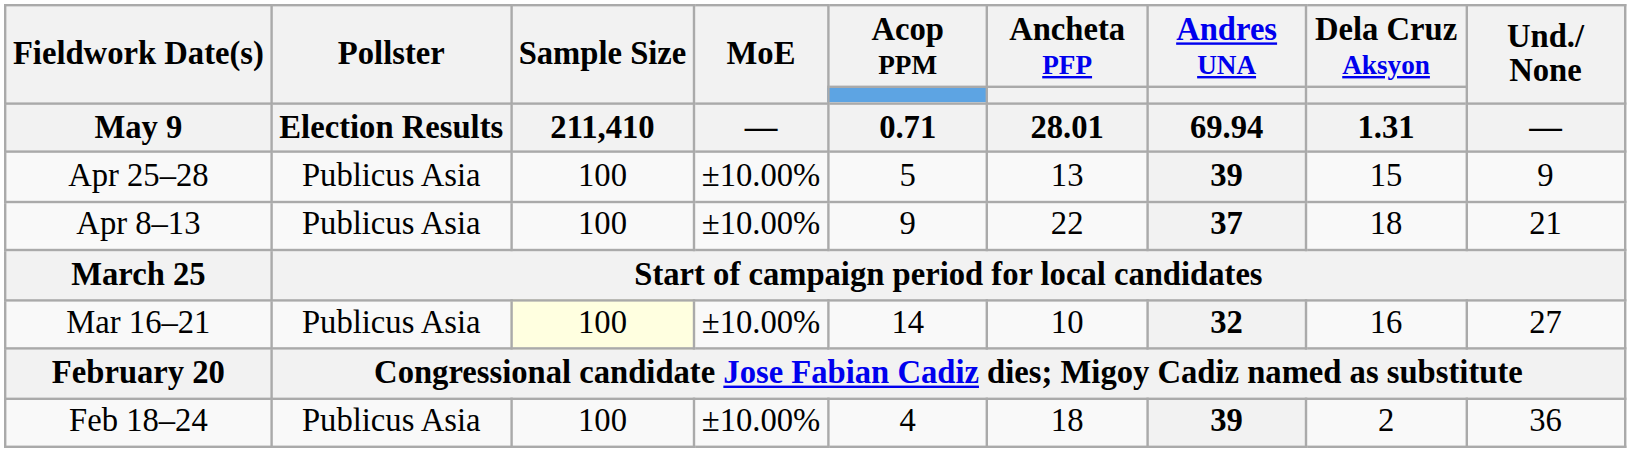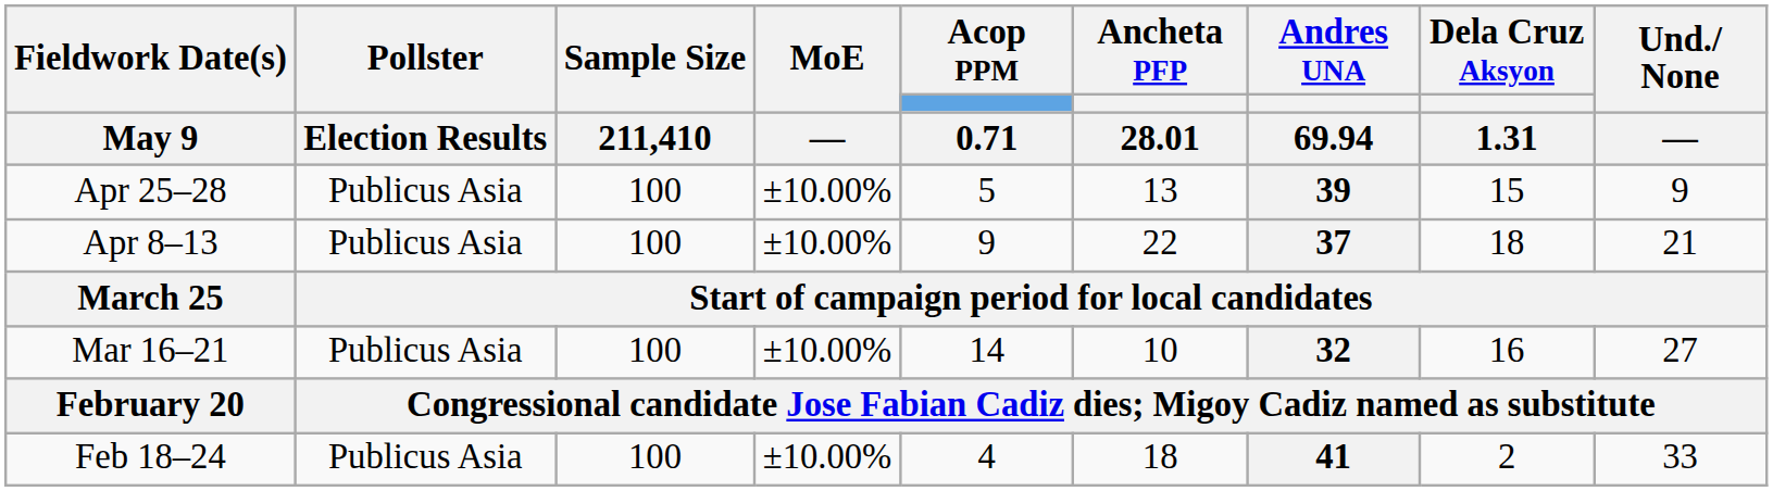 <table class="wikitable" style="text-align:center;font-size:85%;line-height:14px">
 <tr>
 <th rowspan="2">Fieldwork Date(s)</th>
 <th rowspan="2">Pollster</th>
 <th rowspan="2">Sample Size</th>
 <th rowspan="2">MoE</th>
 <th style="width:60px;">Acop<br><small>PPM</small></th>
 <th style="width:60px;">Ancheta<br><small><a href='#'>PFP</a></small></th>
 <th style="width:60px;"><a href='#'>Andres</a><br><a href='#'><small>UNA</small></a></th>
 <th style="width:60px;">Dela Cruz<br><small><a href='#'>Aksyon</a></small></th>
 <th rowspan="2" style="width:60px;">Und./<br>None</th>
 </tr>
 <tr>
 <th style="background:#5da4e3;"></th>
 <th style="background:"></th>
 <th style="background:"></th>
 <th style="background:"></th>
 </tr>
 <tr>
 <th>May 9</th>
 <th>Election Results</th>
 <th>211,410</th>
 <th>—</th>
 <th>0.71</th>
 <th>28.01</th>
 <th style="background-color:#">69.94</th>
 <th>1.31</th>
 <th>—</th>
 </tr>
 <tr>
 <td>Apr 25–28</td>
 <td>Publicus Asia</td>
 <td>100</td>
 <td>±10.00%</td>
 <td>5</td>
 <td>13</td>
 <th style="background-color:#"><strong>39</strong></th>
 <td>15</td>
 <td>9</td>
 </tr>
 <tr>
 <td>Apr 8–13</td>
 <td>Publicus Asia</td>
 <td>100</td>
 <td>±10.00%</td>
 <td>9</td>
 <td>22</td>
 <th style="background-color:#"><strong>37</strong></th>
 <td>18</td>
 <td>21</td>
 </tr>
 <tr>
 <th>March 25</th>
 <th colspan="8">Start of campaign period for local candidates</th>
 </tr>
 <tr>
 <td>Mar 16–21</td>
 <td>Publicus Asia</td>
-<td style="background: lightyellow;">100</td>
+<td>100</td>
 <td>±10.00%</td>
 <td>14</td>
 <td>10</td>
 <th style="background-color:#"><strong>32</strong></th>
 <td>16</td>
 <td>27</td>
 </tr>
 <tr>
 <th>February 20</th>
 <th colspan="8">Congressional candidate <a href='#'>Jose Fabian Cadiz</a> dies; Migoy Cadiz named as substitute</th>
 </tr>
 <tr>
 <td>Feb 18–24</td>
 <td>Publicus Asia</td>
 <td>100</td>
 <td>±10.00%</td>
 <td>4</td>
 <td>18</td>
-<th style="background-color:#"><strong>39</strong></th>
+<th style="background-color:#"><strong>41</strong></th>
 <td>2</td>
-<td>36</td>
+<td>33</td>
 </tr>
 </table>
